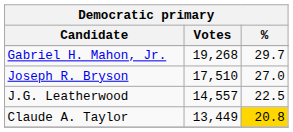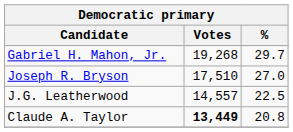 <table class="wikitable" align="left" style="margin: 1em 1em 1em 0; font-size: 95%;">
 <tr>
 <th colspan="3">Democratic primary</th>
 </tr>
 <tr>
 <th colspan="1" style="width: 170px">Candidate</th>
 <th style="width: 50px">Votes</th>
 <th style="width: 40px">%</th>
 </tr>
 <tr>
 </tr>
 <tr>
 <td><a href='#'>Gabriel H. Mahon, Jr.</a></td>
 <td align="right">19,268</td>
 <td align="right">29.7</td>
 </tr>
 <tr>
 <td><a href='#'>Joseph R. Bryson</a></td>
 <td align="right">17,510</td>
 <td align="right">27.0</td>
 </tr>
 <tr>
 <td>J.G. Leatherwood</td>
 <td align="right">14,557</td>
 <td align="right">22.5</td>
 </tr>
 <tr>
 <td>Claude A. Taylor</td>
-<td align="right">13,449</td>
-<td align="right" style="background: gold;">20.8</td>
+<td align="right"><strong>13,449</strong></td>
+<td align="right">20.8</td>
 </tr>
 <tr>
 </tr>
 </table>
